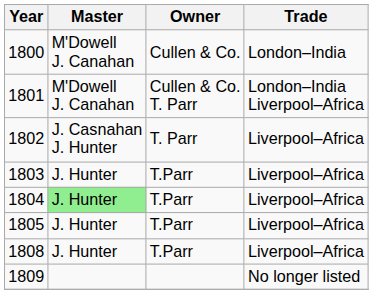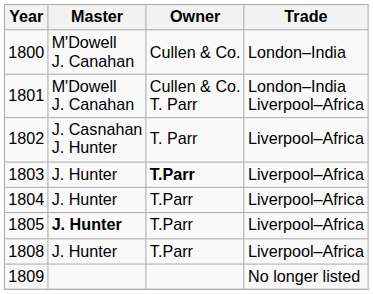 <table class="sortable wikitable">
 <tr>
 <th>Year</th>
 <th>Master</th>
 <th>Owner</th>
 <th>Trade</th>
 </tr>
 <tr>
 <td>1800</td>
 <td>M'Dowell<br>J. Canahan</td>
 <td>Cullen & Co.</td>
 <td>London–India</td>
 </tr>
 <tr>
 <td>1801</td>
 <td>M'Dowell<br>J. Canahan</td>
 <td>Cullen & Co.<br>T. Parr</td>
 <td>London–India<br>Liverpool–Africa</td>
 </tr>
 <tr>
 <td>1802</td>
 <td>J. Casnahan<br>J. Hunter</td>
 <td>T. Parr</td>
 <td>Liverpool–Africa</td>
 </tr>
 <tr>
 <td>1803</td>
 <td>J. Hunter</td>
-<td>T.Parr</td>
+<td><strong>T.Parr</strong></td>
 <td>Liverpool–Africa</td>
 </tr>
 <tr>
 <td>1804</td>
-<td style="background: lightgreen;">J. Hunter</td>
+<td>J. Hunter</td>
 <td>T.Parr</td>
 <td>Liverpool–Africa</td>
 </tr>
 <tr>
 <td>1805</td>
-<td>J. Hunter</td>
+<td><strong>J. Hunter</strong></td>
 <td>T.Parr</td>
 <td>Liverpool–Africa</td>
 </tr>
 <tr>
 <td>1808</td>
 <td>J. Hunter</td>
 <td>T.Parr</td>
 <td>Liverpool–Africa</td>
 </tr>
 <tr>
 <td>1809</td>
 <td></td>
 <td></td>
 <td>No longer listed</td>
 </tr>
 <tr>
 </tr>
 </table>
